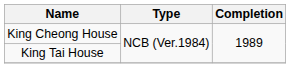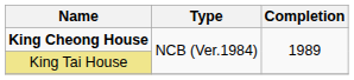 <table class="wikitable" style="text-align: center">
 <tr>
 <th>Name</th>
 <th>Type</th>
 <th>Completion</th>
 </tr>
 <tr>
-<td>King Cheong House</td>
+<td><strong>King Cheong House</strong></td>
 <td rowspan="2">NCB (Ver.1984)</td>
 <td rowspan="2">1989</td>
 </tr>
 <tr>
-<td>King Tai House</td>
+<td style="background: khaki;">King Tai House</td>
 </tr>
 <tr>
 </tr>
 </table>
